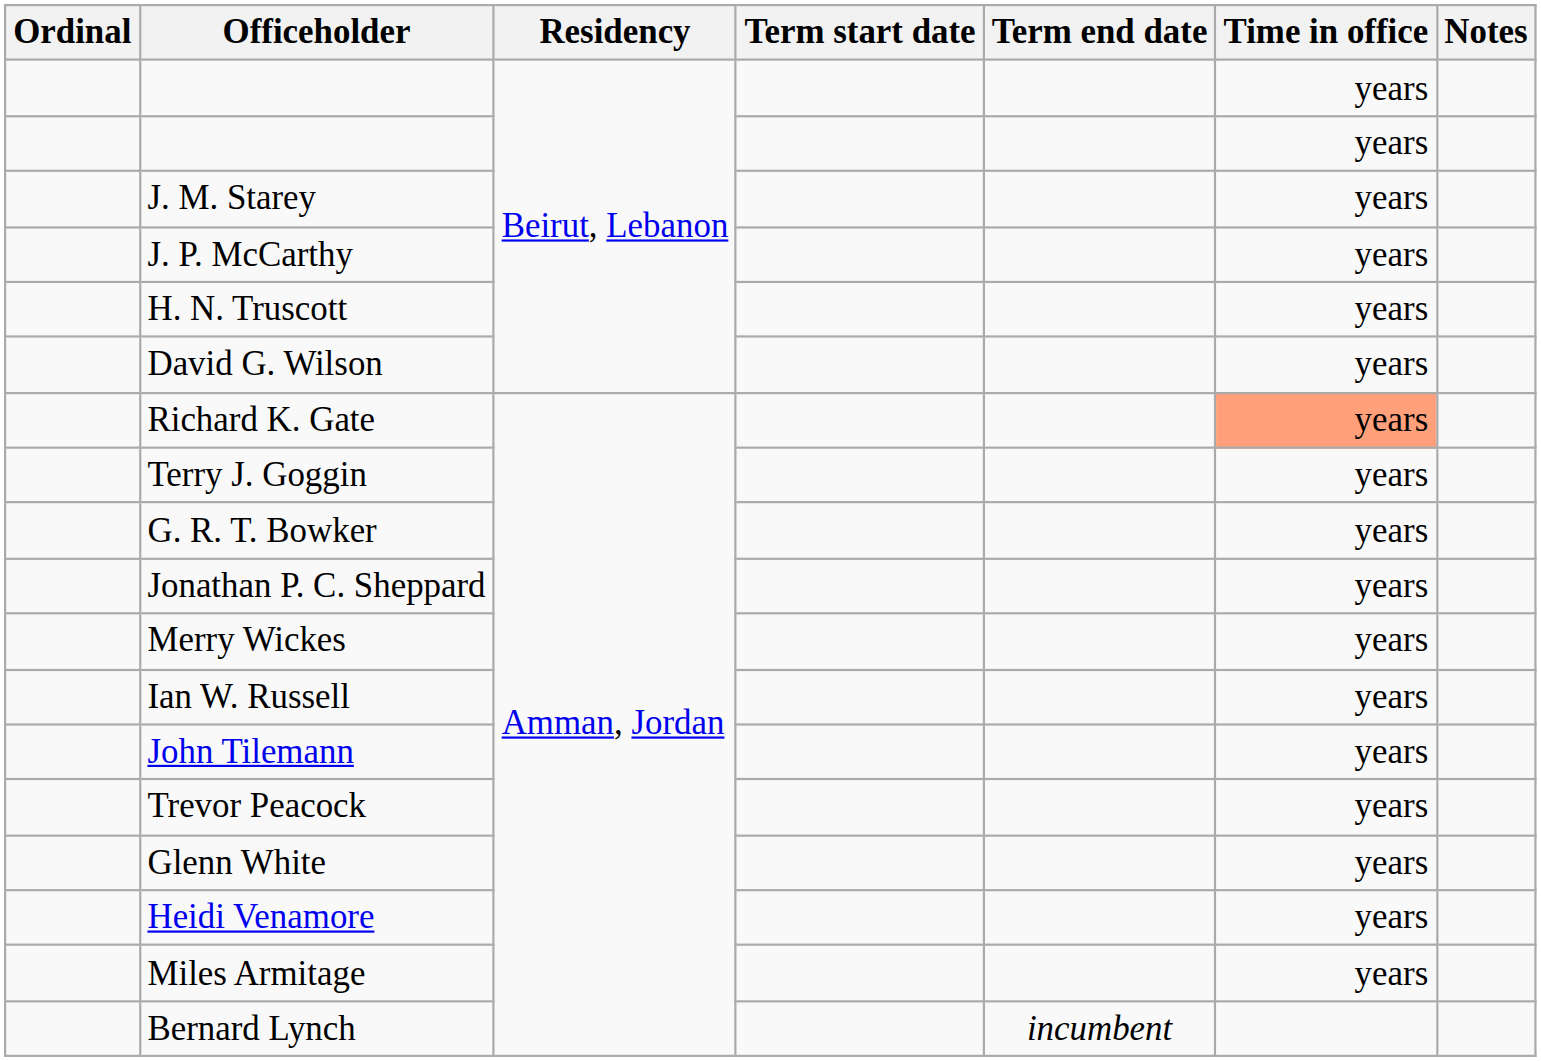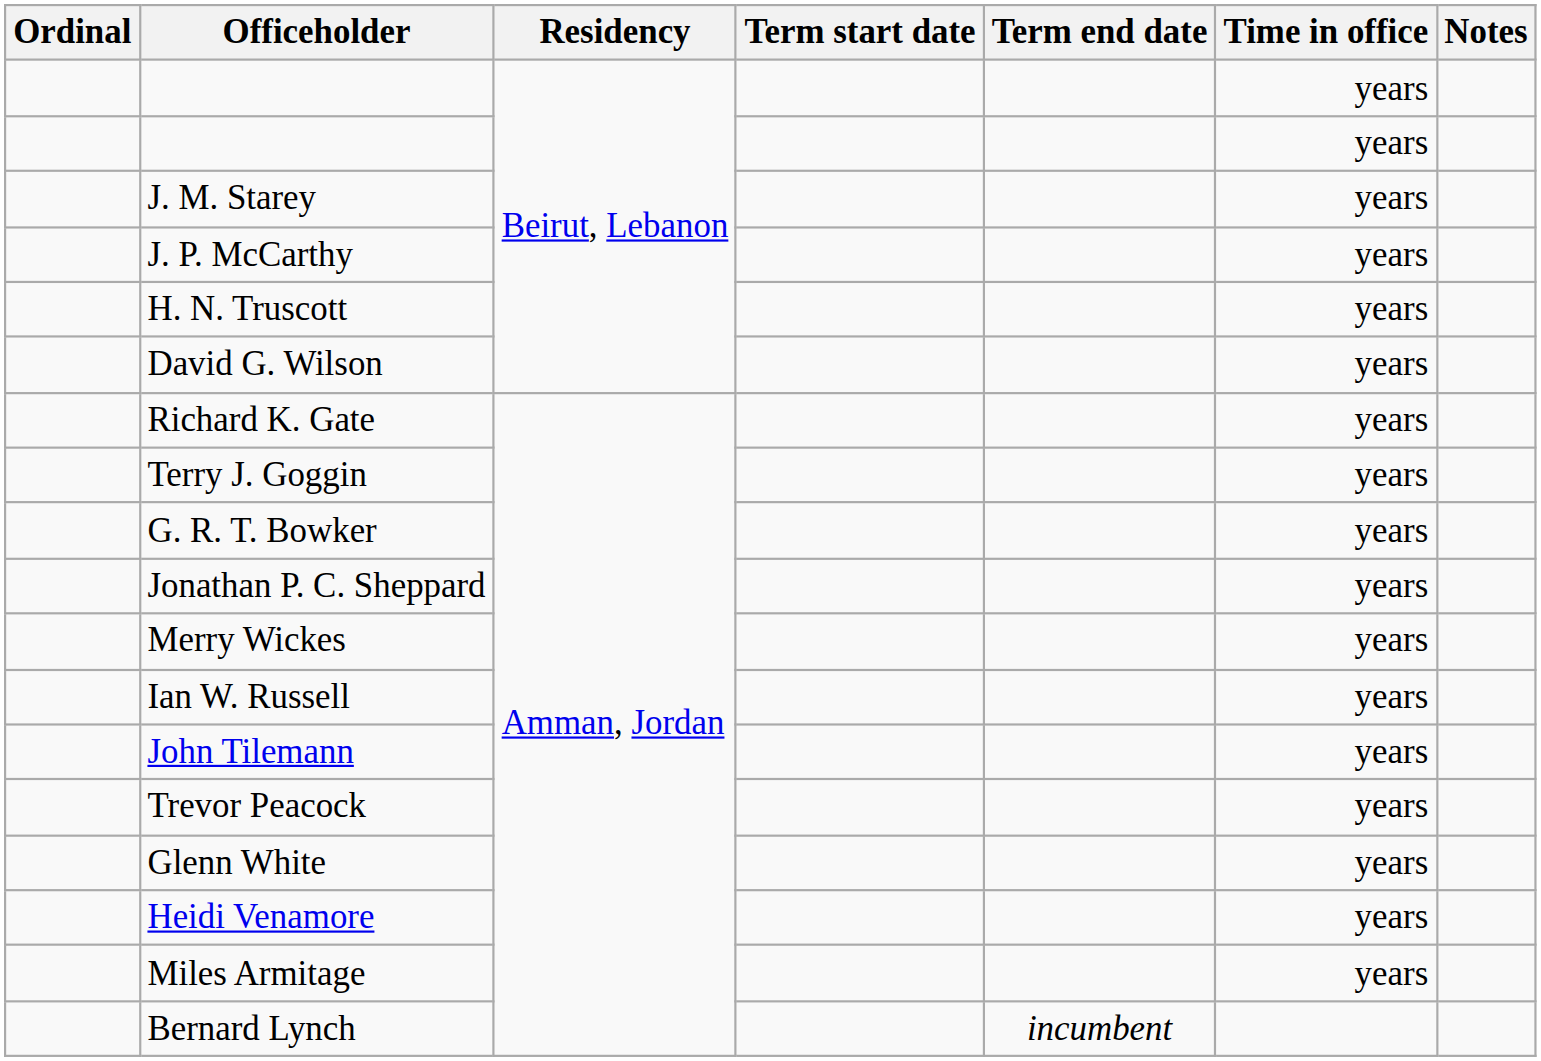 <table class='wikitable sortable'>
 <tr>
 <th>Ordinal</th>
 <th>Officeholder</th>
 <th>Residency</th>
 <th>Term start date</th>
 <th>Term end date</th>
 <th>Time in office</th>
 <th>Notes</th>
 </tr>
 <tr>
 <td align=center></td>
 <td></td>
 <td rowspan=6><a href='#'>Beirut</a>, <a href='#'>Lebanon</a></td>
 <td align=center></td>
 <td align=center></td>
 <td align=right> years</td>
 <td></td>
 </tr>
 <tr>
 <td align=center></td>
 <td></td>
 <td align=center></td>
 <td align=center></td>
 <td align=right> years</td>
 <td></td>
 </tr>
 <tr>
 <td align=center></td>
 <td>J. M. Starey</td>
 <td align=center></td>
 <td align=center></td>
 <td align=right> years</td>
 <td></td>
 </tr>
 <tr>
 <td align=center></td>
 <td>J. P. McCarthy</td>
 <td align=center></td>
 <td align=center></td>
 <td align=right> years</td>
 <td></td>
 </tr>
 <tr>
 <td align=center></td>
 <td>H. N. Truscott</td>
 <td align=center></td>
 <td align=center></td>
 <td align=right> years</td>
 <td></td>
 </tr>
 <tr>
 <td align=center></td>
 <td>David G. Wilson</td>
 <td align=center></td>
 <td align=center></td>
 <td align=right> years</td>
 <td></td>
 </tr>
 <tr>
 <td align=center></td>
 <td>Richard K. Gate</td>
 <td rowspan=12><a href='#'>Amman</a>, <a href='#'>Jordan</a></td>
 <td align=center></td>
 <td align=center></td>
-<td align=right style="background: lightsalmon;"> years</td>
+<td align=right> years</td>
 <td></td>
 </tr>
 <tr>
 <td align=center></td>
 <td>Terry J. Goggin</td>
 <td align=center></td>
 <td align=center></td>
 <td align=right> years</td>
 <td></td>
 </tr>
 <tr>
 <td align=center></td>
 <td>G. R. T. Bowker</td>
 <td align=center></td>
 <td align=center></td>
 <td align=right> years</td>
 <td></td>
 </tr>
 <tr>
 <td align=center></td>
 <td>Jonathan P. C. Sheppard</td>
 <td align=center></td>
 <td align=center></td>
 <td align=right> years</td>
 <td></td>
 </tr>
 <tr>
 <td align=center></td>
 <td>Merry Wickes</td>
 <td align=center></td>
 <td align=center></td>
 <td align=right> years</td>
 <td></td>
 </tr>
 <tr>
 <td align=center></td>
 <td>Ian W. Russell</td>
 <td align=center></td>
 <td align=center></td>
 <td align=right> years</td>
 <td></td>
 </tr>
 <tr>
 <td align=center></td>
 <td><a href='#'>John Tilemann</a></td>
 <td align=center></td>
 <td align=center></td>
 <td align=right> years</td>
 <td></td>
 </tr>
 <tr>
 <td align=center></td>
 <td>Trevor Peacock</td>
 <td align=center></td>
 <td align=center></td>
 <td align=right> years</td>
 <td></td>
 </tr>
 <tr>
 <td align=center></td>
 <td>Glenn White</td>
 <td align=center></td>
 <td align=center></td>
 <td align=right> years</td>
 <td></td>
 </tr>
 <tr>
 <td align=center></td>
 <td><a href='#'>Heidi Venamore</a></td>
 <td align=center></td>
 <td align=center></td>
 <td align=right> years</td>
 <td></td>
 </tr>
 <tr>
 <td align=center></td>
 <td>Miles Armitage</td>
 <td align=center></td>
 <td align=center></td>
 <td align=right> years</td>
 <td></td>
 </tr>
 <tr>
 <td align=center></td>
 <td>Bernard Lynch</td>
 <td align=center></td>
 <td align=center><em>incumbent</em></td>
 <td align=right></td>
 <td></td>
 </tr>
 </table>
